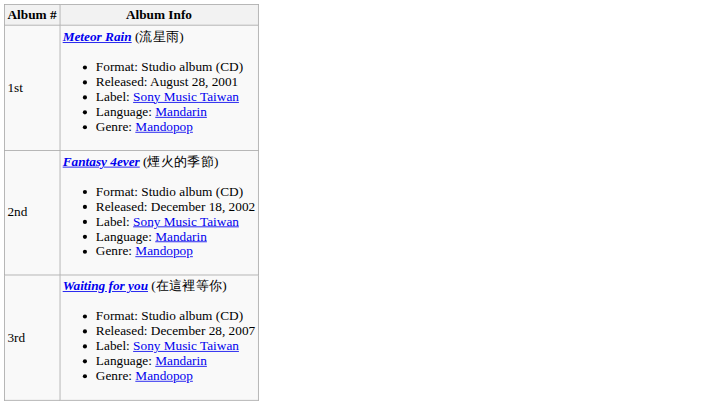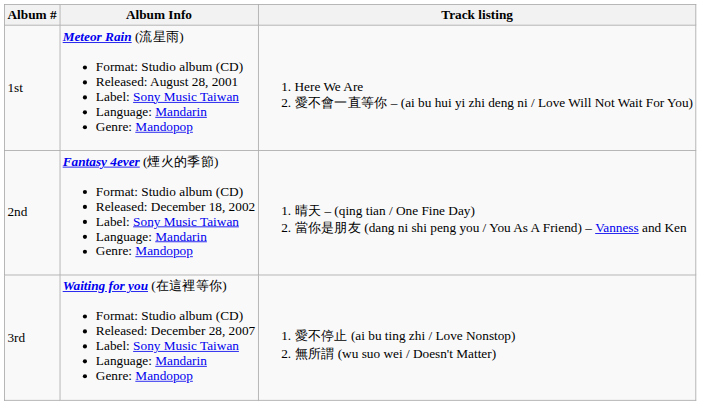 <table class="wikitable">
 <tr>
 <th>Album #</th>
 <th>Album Info</th>
+<th>Track listing</th>
 </tr>
 <tr>
 <td>1st</td>
 <td><strong><em><a href='#'>Meteor Rain</a></em></strong> (流星雨)<br><ul><li>Format: Studio album (CD)</li><li>Released: August 28, 2001</li><li>Label: <a href='#'>Sony Music Taiwan</a></li><li>Language: <a href='#'>Mandarin</a></li><li>Genre: <a href='#'>Mandopop</a></li></ul></td>
+<td><br><ol><li>Here We Are</li><li>愛不會一直等你 – (ai bu hui yi zhi deng ni / Love Will Not Wait For You)</li></ol></td>
 </tr>
 <tr>
 <td>2nd</td>
 <td><strong><em><a href='#'>Fantasy 4ever</a></em></strong> (煙火的季節)<br><ul><li>Format: Studio album (CD)</li><li>Released: December 18, 2002</li><li>Label: <a href='#'>Sony Music Taiwan</a></li><li>Language: <a href='#'>Mandarin</a></li><li>Genre: <a href='#'>Mandopop</a></li></ul></td>
+<td><br><ol><li>晴天 – (qing tian / One Fine Day)</li><li>當你是朋友 (dang ni shi peng you / You As A Friend) – <a href='#'>Vanness</a> and Ken</li></ol></td>
 </tr>
 <tr>
 <td>3rd</td>
 <td><strong><em><a href='#'>Waiting for you</a></em></strong> (在這裡等你)<br><ul><li>Format: Studio album (CD)</li><li>Released: December 28, 2007</li><li>Label: <a href='#'>Sony Music Taiwan</a></li><li>Language: <a href='#'>Mandarin</a></li><li>Genre: <a href='#'>Mandopop</a></li></ul></td>
+<td><br><ol><li>愛不停止 (ai bu ting zhi / Love Nonstop)</li><li>無所謂 (wu suo wei / Doesn't Matter)</li></ol></td>
 </tr>
 </table>
